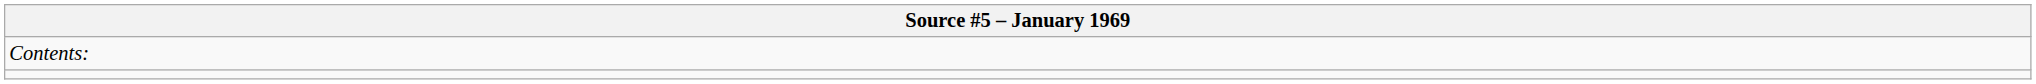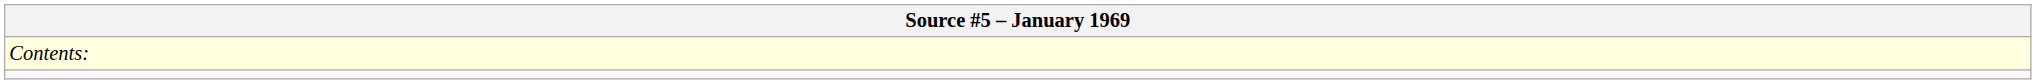 <table class="wikitable" style="width:100%;">
 <tr>
 <th><strong>Source #5</strong> – January 1969</th>
 </tr>
 <tr>
-<td><em>Contents:</em></td>
+<td style="background: lightyellow;"><em>Contents:</em></td>
 </tr>
 <tr>
 <td></td>
 </tr>
 </table>
